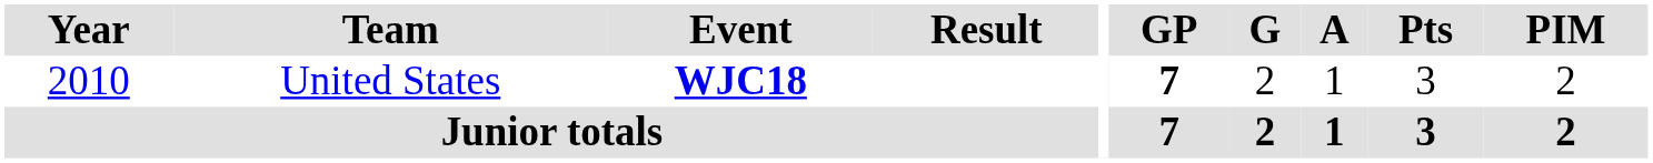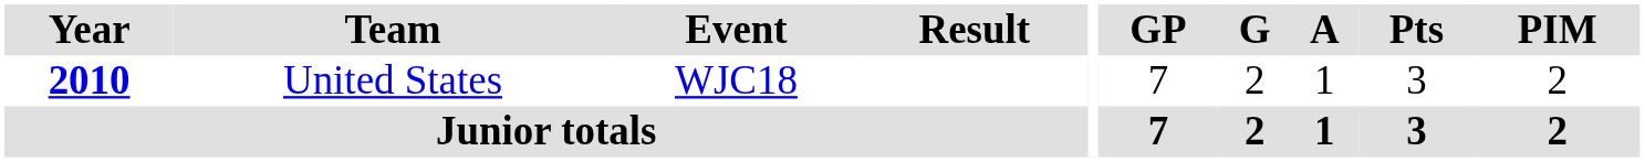 <table border="0" cellpadding="1" cellspacing="0" ID="Table3" style="text-align:center; width:40em">
 <tr ALIGN="center" bgcolor="#e0e0e0">
 <th>Year</th>
 <th>Team</th>
 <th>Event</th>
 <th>Result</th>
 <th rowspan="99" bgcolor="#ffffff"></th>
 <th>GP</th>
 <th>G</th>
 <th>A</th>
 <th>Pts</th>
 <th>PIM</th>
 </tr>
 <tr>
-<td><a href='#'>2010</a></td>
+<td><strong><a href='#'>2010</a></strong></td>
 <td><a href='#'>United States</a></td>
-<td><strong><a href='#'>WJC18</a></strong></td>
+<td><a href='#'>WJC18</a></td>
 <td></td>
-<td><strong>7</strong></td>
+<td>7</td>
 <td>2</td>
 <td>1</td>
 <td>3</td>
 <td>2</td>
 </tr>
 <tr bgcolor="#e0e0e0">
 <th colspan="4">Junior totals</th>
 <th>7</th>
 <th>2</th>
 <th>1</th>
 <th>3</th>
 <th>2</th>
 </tr>
 </table>
